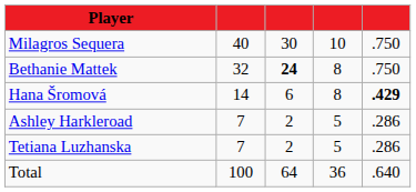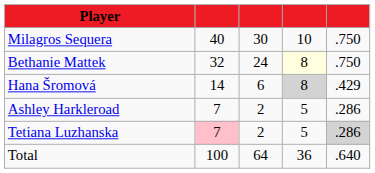 <table class="wikitable" style="text-align:center">
 <tr>
 <th style="background:#ED1C24; color:black" width="200px">Player</th>
 <th style="background:#ED1C24; color:black" width="40px"></th>
 <th style="background:#ED1C24; color:black" width="40px"></th>
 <th style="background:#ED1C24; color:black" width="40px"></th>
 <th style="background:#ED1C24; color:black" width="40px"></th>
 </tr>
 <tr>
 <td style="text-align:left"><a href='#'>Milagros Sequera</a></td>
 <td>40</td>
 <td>30</td>
 <td>10</td>
 <td>.750</td>
 </tr>
 <tr>
 <td style="text-align:left"><a href='#'>Bethanie Mattek</a></td>
 <td>32</td>
-<td><strong>24</strong></td>
-<td>8</td>
+<td>24</td>
+<td style="background: lightyellow;">8</td>
 <td>.750</td>
 </tr>
 <tr>
 <td style="text-align:left"><a href='#'>Hana Šromová</a></td>
 <td>14</td>
 <td>6</td>
-<td>8</td>
-<td><strong>.429</strong></td>
+<td style="background: lightgrey;">8</td>
+<td>.429</td>
 </tr>
 <tr>
 <td style="text-align:left"><a href='#'>Ashley Harkleroad</a></td>
 <td>7</td>
 <td>2</td>
 <td>5</td>
 <td>.286</td>
 </tr>
 <tr>
 <td style="text-align:left"><a href='#'>Tetiana Luzhanska</a></td>
-<td>7</td>
+<td style="background: pink;">7</td>
 <td>2</td>
 <td>5</td>
-<td>.286</td>
+<td style="background: lightgrey;">.286</td>
 </tr>
 <tr>
 <td style="text-align:left">Total</td>
 <td>100</td>
 <td>64</td>
 <td>36</td>
 <td>.640</td>
 </tr>
 </table>
